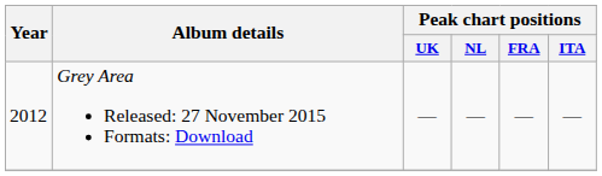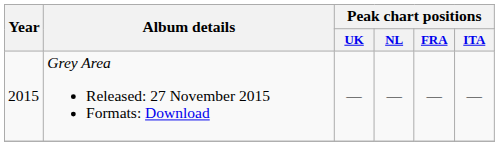 <table class="wikitable">
 <tr>
 <th rowspan="2" width="33">Year</th>
 <th rowspan="2" width="292">Album details</th>
 <th colspan="10">Peak chart positions</th>
 </tr>
 <tr style="font-size:smaller;">
 <th width="35"><a href='#'>UK</a></th>
 <th width="35"><a href='#'>NL</a></th>
 <th width="35"><a href='#'>FRA</a></th>
 <th width="35£"><a href='#'>ITA</a></th>
 </tr>
 <tr>
-<td>2012</td>
+<td>2015</td>
 <td><em>Grey Area</em><br><ul><li>Released: 27 November 2015</li><li>Formats: <a href='#'>Download</a></li></ul></td>
 <td valign="center" align="center">—</td>
 <td valign="center" align="center">—</td>
 <td valign="center" align="center">—</td>
 <td valign="center" align="center">—</td>
 </tr>
 <tr>
 </tr>
 </table>
